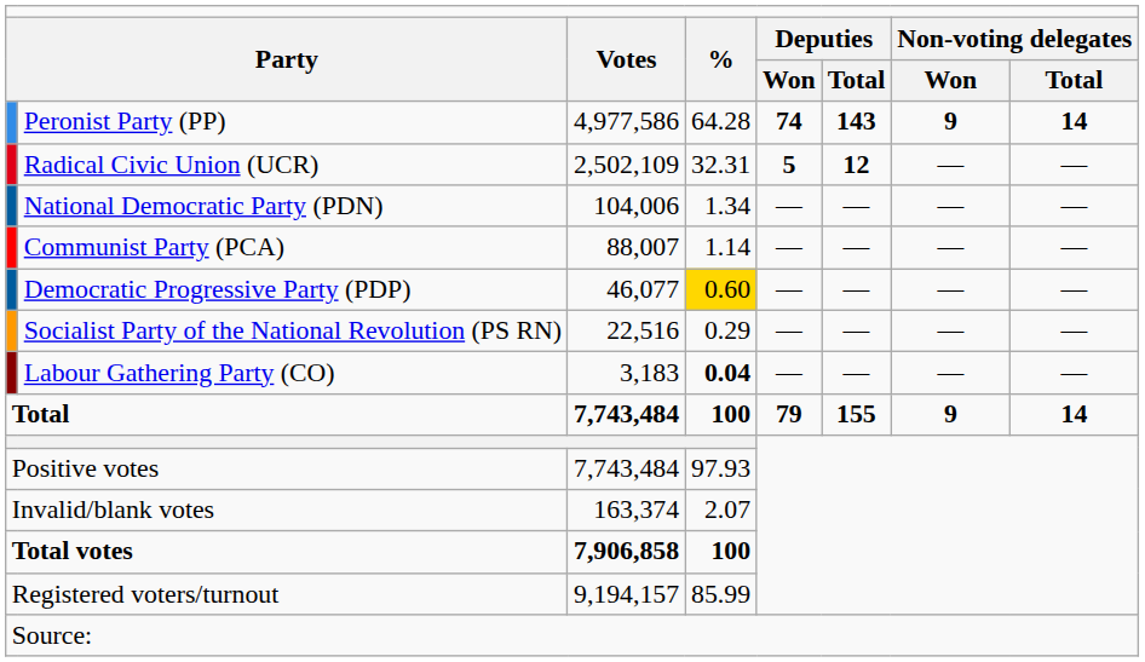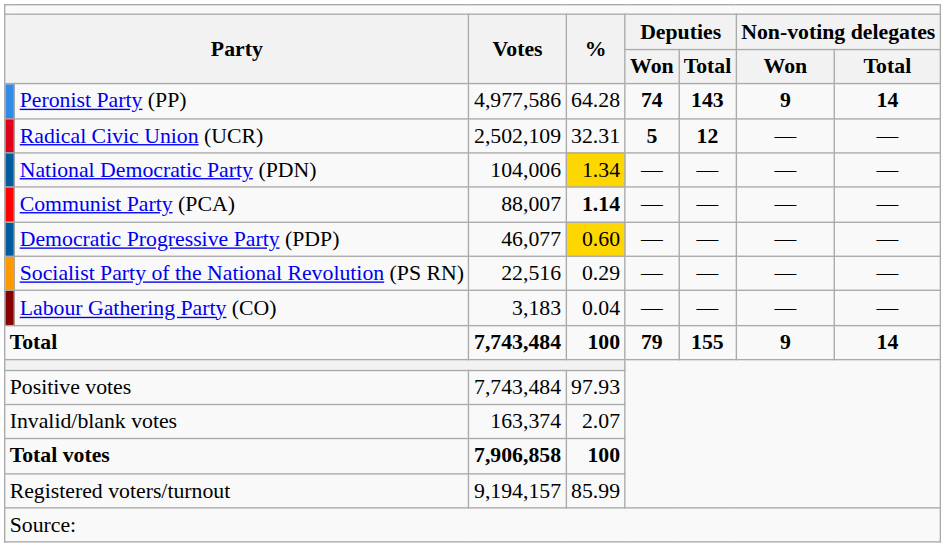 <table class="wikitable" style="text-align:right;">
 <tr>
 <td colspan=8></td>
 </tr>
 <tr>
 <th rowspan=2 colspan=2>Party</th>
 <th rowspan=2>Votes</th>
 <th rowspan=2>%</th>
 <th colspan=2>Deputies</th>
 <th colspan=2>Non-voting delegates</th>
 </tr>
 <tr>
 <th>Won</th>
 <th>Total</th>
 <th>Won</th>
 <th>Total</th>
 </tr>
 <tr>
 <td bgcolor=#318CE7></td>
 <td align=left><a href='#'>Peronist Party</a> (PP)</td>
 <td>4,977,586</td>
 <td>64.28</td>
 <td align=center><strong>74</strong></td>
 <td align=center><strong>143</strong></td>
 <td align=center><strong>9</strong></td>
 <td align=center><strong>14</strong></td>
 </tr>
 <tr>
 <td bgcolor=#E10019></td>
 <td align=left><a href='#'>Radical Civic Union</a> (UCR)</td>
 <td>2,502,109</td>
 <td>32.31</td>
 <td align=center><strong>5</strong></td>
 <td align=center><strong>12</strong></td>
 <td align=center>—</td>
 <td align=center>—</td>
 </tr>
 <tr>
 <td bgcolor=#005C9E></td>
 <td align=left><a href='#'>National Democratic Party</a> (PDN)</td>
 <td>104,006</td>
-<td>1.34</td>
+<td style="background: gold;">1.34</td>
 <td align=center>—</td>
 <td align=center>—</td>
 <td align=center>—</td>
 <td align=center>—</td>
 </tr>
 <tr>
 <td bgcolor=#FF0000></td>
 <td align=left><a href='#'>Communist Party</a> (PCA)</td>
 <td>88,007</td>
-<td>1.14</td>
+<td><strong>1.14</strong></td>
 <td align=center>—</td>
 <td align=center>—</td>
 <td align=center>—</td>
 <td align=center>—</td>
 </tr>
 <tr>
 <td bgcolor=#005C9E></td>
 <td align=left><a href='#'>Democratic Progressive Party</a> (PDP)</td>
 <td>46,077</td>
 <td style="background: gold;">0.60</td>
 <td align=center>—</td>
 <td align=center>—</td>
 <td align=center>—</td>
 <td align=center>—</td>
 </tr>
 <tr>
 <td bgcolor=#FF9900></td>
 <td align=left><a href='#'>Socialist Party of the National Revolution</a> (PS RN)</td>
 <td>22,516</td>
 <td>0.29</td>
 <td align=center>—</td>
 <td align=center>—</td>
 <td align=center>—</td>
 <td align=center>—</td>
 </tr>
 <tr>
 <td bgcolor=#880000></td>
 <td align=left><a href='#'>Labour Gathering Party</a> (CO)</td>
 <td>3,183</td>
-<td><strong>0.04</strong></td>
+<td>0.04</td>
 <td align=center>—</td>
 <td align=center>—</td>
 <td align=center>—</td>
 <td align=center>—</td>
 </tr>
 <tr style="font-weight:bold">
 <td colspan=2 align=left>Total</td>
 <td>7,743,484</td>
 <td>100</td>
 <td align=center><strong>79</strong></td>
 <td align=center><strong>155</strong></td>
 <td align=center><strong>9</strong></td>
 <td align=center><strong>14</strong></td>
 </tr>
 <tr>
 <th colspan=4></th>
 <td rowspan=5 colspan=4></td>
 </tr>
 <tr>
 <td align=left colspan=2>Positive votes</td>
 <td>7,743,484</td>
 <td>97.93</td>
 </tr>
 <tr>
 <td align=left colspan=2>Invalid/blank votes</td>
 <td>163,374</td>
 <td>2.07</td>
 </tr>
 <tr style="font-weight:bold">
 <td align=left colspan=2>Total votes</td>
 <td>7,906,858</td>
 <td>100</td>
 </tr>
 <tr>
 <td align=left colspan=2>Registered voters/turnout</td>
 <td>9,194,157</td>
 <td>85.99</td>
 </tr>
 <tr>
 <td colspan=8 align=left>Source:</td>
 </tr>
 </table>
